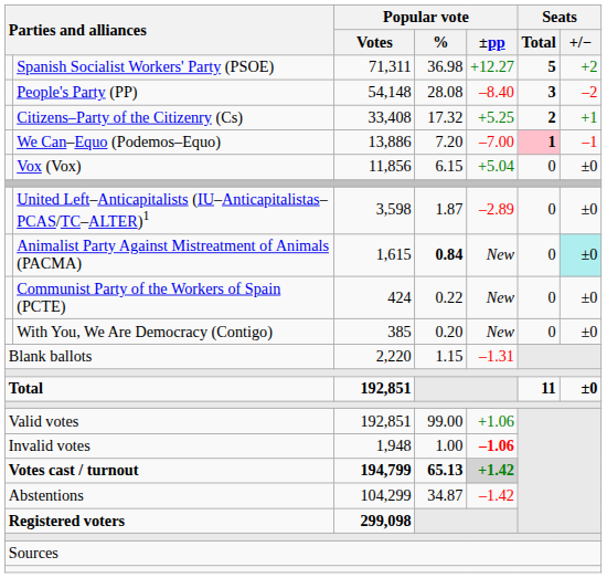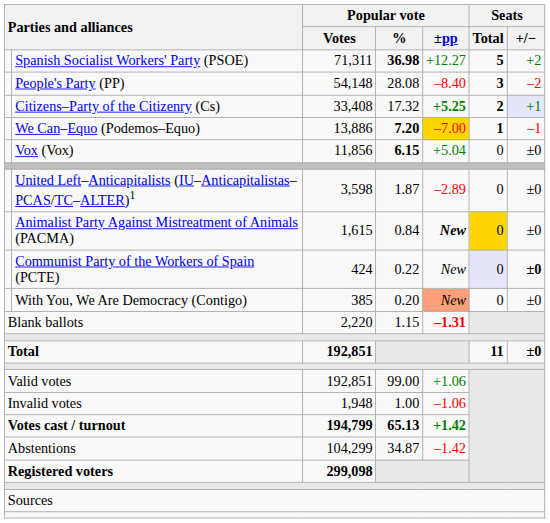 <table class="wikitable" style="text-align:right;">
 <tr>
 <th style="text-align:left;" rowspan="2" colspan="2" width="525">Parties and alliances</th>
 <th colspan="3">Popular vote</th>
 <th colspan="2">Seats</th>
 </tr>
 <tr>
 <th width="75">Votes</th>
 <th width="45">%</th>
 <th width="45">±<a href='#'>pp</a></th>
 <th width="35">Total</th>
 <th width="35">+/−</th>
 </tr>
 <tr>
 <td width="1" style="color:inherit;background:"></td>
 <td align="left"><a href='#'>Spanish Socialist Workers' Party</a> (PSOE)</td>
 <td>71,311</td>
-<td>36.98</td>
+<td><strong>36.98</strong></td>
 <td style="color:green;">+12.27</td>
 <td><strong>5</strong></td>
 <td style="color:green;">+2</td>
 </tr>
 <tr>
 <td style="color:inherit;background:"></td>
 <td align="left"><a href='#'>People's Party</a> (PP)</td>
 <td>54,148</td>
 <td>28.08</td>
 <td style="color:red;">–8.40</td>
 <td><strong>3</strong></td>
 <td style="color:red;">–2</td>
 </tr>
 <tr>
 <td style="color:inherit;background:"></td>
 <td align="left"><a href='#'>Citizens–Party of the Citizenry</a> (Cs)</td>
 <td>33,408</td>
 <td>17.32</td>
-<td style="color:green;">+5.25</td>
+<td style="color:green;"><strong>+5.25</strong></td>
 <td><strong>2</strong></td>
-<td style="color:green;">+1</td>
+<td style="background: lavender; color:green;">+1</td>
 </tr>
 <tr>
 <td style="color:inherit;background:"></td>
 <td align="left"><a href='#'>We Can</a>–<a href='#'>Equo</a> (Podemos–Equo)</td>
 <td>13,886</td>
-<td>7.20</td>
-<td style="color:red;">–7.00</td>
-<td style="background: pink;"><strong>1</strong></td>
+<td><strong>7.20</strong></td>
+<td style="background: gold; color:red;">–7.00</td>
+<td><strong>1</strong></td>
 <td style="color:red;">–1</td>
 </tr>
 <tr>
 <td style="color:inherit;background:"></td>
 <td align="left"><a href='#'>Vox</a> (Vox)</td>
 <td>11,856</td>
-<td>6.15</td>
+<td><strong>6.15</strong></td>
 <td style="color:green;">+5.04</td>
 <td>0</td>
 <td>±0</td>
 </tr>
 <tr>
 <td colspan="7" bgcolor="#C0C0C0"></td>
 </tr>
 <tr>
 <td style="color:inherit;background:"></td>
 <td align="left"><a href='#'>United Left</a>–<a href='#'>Anticapitalists</a> (<a href='#'>IU</a>–<a href='#'>Anticapitalistas</a>–<a href='#'>PCAS</a>/<a href='#'>TC</a>–<a href='#'>ALTER</a>)<sup>1</sup></td>
 <td>3,598</td>
 <td>1.87</td>
 <td style="color:red;">–2.89</td>
 <td>0</td>
 <td>±0</td>
 </tr>
 <tr>
 <td style="color:inherit;background:"></td>
 <td align="left"><a href='#'>Animalist Party Against Mistreatment of Animals</a> (PACMA)</td>
 <td>1,615</td>
-<td><strong>0.84</strong></td>
-<td><em>New</em></td>
-<td>0</td>
-<td style="background: paleturquoise;">±0</td>
+<td>0.84</td>
+<td><strong><em>New</em></strong></td>
+<td style="background: gold;">0</td>
+<td>±0</td>
 </tr>
 <tr>
 <td style="color:inherit;background:"></td>
 <td align="left"><a href='#'>Communist Party of the Workers of Spain</a> (PCTE)</td>
 <td>424</td>
 <td>0.22</td>
 <td><em>New</em></td>
-<td>0</td>
-<td>±0</td>
+<td style="background: lavender;">0</td>
+<td><strong>±0</strong></td>
 </tr>
 <tr>
 <td style="color:inherit;background:"></td>
 <td align="left">With You, We Are Democracy (Contigo)</td>
 <td>385</td>
 <td>0.20</td>
-<td><em>New</em></td>
+<td style="background: lightsalmon;"><em>New</em></td>
 <td>0</td>
 <td>±0</td>
 </tr>
 <tr>
 <td align="left" colspan="2">Blank ballots</td>
 <td>2,220</td>
 <td>1.15</td>
-<td style="color:red;">–1.31</td>
+<td style="color:red;"><strong>–1.31</strong></td>
 <td bgcolor="#E9E9E9" colspan="2"></td>
 </tr>
 <tr>
 <td colspan="7" bgcolor="#E9E9E9"></td>
 </tr>
 <tr style="font-weight:bold;">
 <td align="left" colspan="2">Total</td>
 <td>192,851</td>
 <td bgcolor="#E9E9E9" colspan="2"></td>
 <td>11</td>
 <td>±0</td>
 </tr>
 <tr>
 <td colspan="7" bgcolor="#E9E9E9"></td>
 </tr>
 <tr>
 <td align="left" colspan="2">Valid votes</td>
 <td>192,851</td>
 <td>99.00</td>
 <td style="color:green;">+1.06</td>
 <td bgcolor="#E9E9E9" colspan="2" rowspan="5"></td>
 </tr>
 <tr>
 <td align="left" colspan="2">Invalid votes</td>
 <td>1,948</td>
 <td>1.00</td>
-<td style="color:red;"><strong>–1.06</strong></td>
+<td style="color:red;">–1.06</td>
 </tr>
 <tr style="font-weight:bold;">
 <td align="left" colspan="2">Votes cast / turnout</td>
 <td>194,799</td>
 <td>65.13</td>
-<td style="background: lightgrey; color:green;">+1.42</td>
+<td style="color:green;">+1.42</td>
 </tr>
 <tr>
 <td align="left" colspan="2">Abstentions</td>
 <td>104,299</td>
 <td>34.87</td>
 <td style="color:red;">–1.42</td>
 </tr>
 <tr style="font-weight:bold;">
 <td align="left" colspan="2">Registered voters</td>
 <td>299,098</td>
 <td bgcolor="#E9E9E9" colspan="2"></td>
 </tr>
 <tr>
 <td colspan="7" bgcolor="#E9E9E9"></td>
 </tr>
 <tr>
 <td align="left" colspan="7">Sources</td>
 </tr>
 <tr>
 <td colspan="7" style="text-align:left; max-width:790px;"></td>
 </tr>
 </table>
